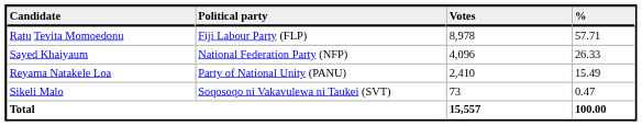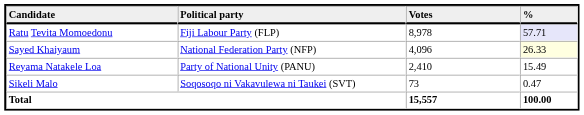 <table table width="70%" border="1" align="center" cellpadding=3 cellspacing=0 style="margin:5px; border:3px solid;">
 <tr>
 <td td width="30%" style="border-bottom:3px solid; background:#efefef;"><strong>Candidate</strong></td>
 <td td width="40%" style="border-bottom:3px solid; background:#efefef;"><strong>Political party</strong></td>
 <td td width="20%" style="border-bottom:3px solid; background:#efefef;"><strong>Votes</strong></td>
 <td td width="10%" style="border-bottom:3px solid; background:#efefef;"><strong>%</strong></td>
 </tr>
 <tr>
 <td><a href='#'>Ratu</a> <a href='#'>Tevita Momoedonu</a></td>
 <td><a href='#'>Fiji Labour Party</a> (FLP)</td>
 <td>8,978</td>
-<td>57.71</td>
+<td style="background: lavender;">57.71</td>
 </tr>
 <tr>
 <td><a href='#'>Sayed Khaiyaum</a></td>
 <td><a href='#'>National Federation Party</a> (NFP)</td>
 <td>4,096</td>
-<td>26.33</td>
+<td style="background: lightyellow;">26.33</td>
 </tr>
 <tr>
 <td><a href='#'>Reyama Natakele Loa</a></td>
 <td><a href='#'>Party of National Unity</a> (PANU)</td>
 <td>2,410</td>
 <td>15.49</td>
 </tr>
 <tr>
 <td><a href='#'>Sikeli Malo</a></td>
 <td><a href='#'>Soqosoqo ni Vakavulewa ni Taukei</a> (SVT)</td>
 <td>73</td>
 <td>0.47</td>
 </tr>
 <tr>
 <td colspan=2><strong>Total</strong></td>
 <td><strong>15,557</strong></td>
 <td><strong>100.00</strong></td>
 </tr>
 <tr>
 </tr>
 </table>
